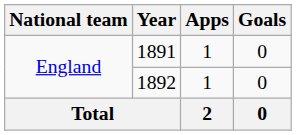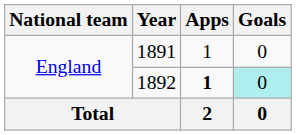 <table class=wikitable style="text-align: center">
 <tr>
 <th>National team</th>
 <th>Year</th>
 <th>Apps</th>
 <th>Goals</th>
 </tr>
 <tr>
 <td rowspan=2><a href='#'>England</a></td>
 <td>1891</td>
 <td>1</td>
 <td>0</td>
 </tr>
 <tr>
 <td>1892</td>
-<td>1</td>
-<td>0</td>
+<td><strong>1</strong></td>
+<td style="background: paleturquoise;">0</td>
 </tr>
 <tr>
 <th colspan=2>Total</th>
 <th>2</th>
 <th>0</th>
 </tr>
 </table>
